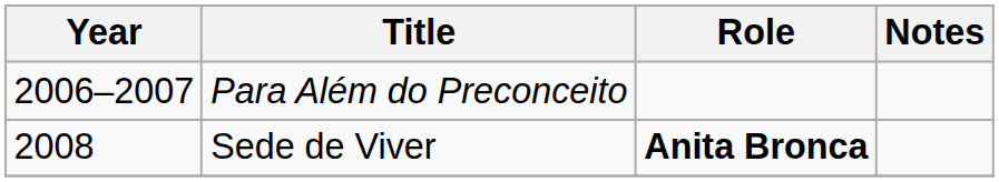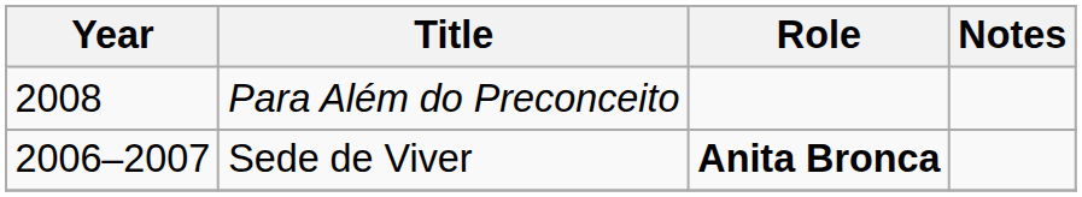 <table class="wikitable">
 <tr>
 <th>Year</th>
 <th>Title</th>
 <th>Role</th>
 <th>Notes</th>
 </tr>
 <tr>
-<td>2006–2007</td>
+<td>2008</td>
 <td><em>Para Além do Preconceito</em></td>
 <td></td>
 <td></td>
 </tr>
 <tr>
-<td>2008</td>
+<td>2006–2007</td>
 <td>Sede de Viver<em></td>
 <td><strong>Anita Bronca</strong></td>
 <td></td>
 </tr>
 <tr>
 </tr>
 </table>
